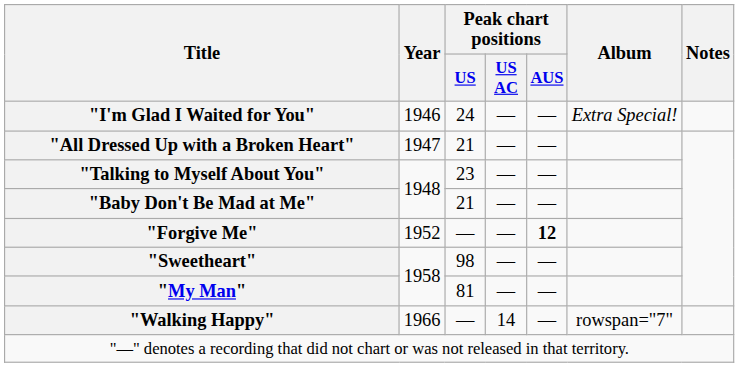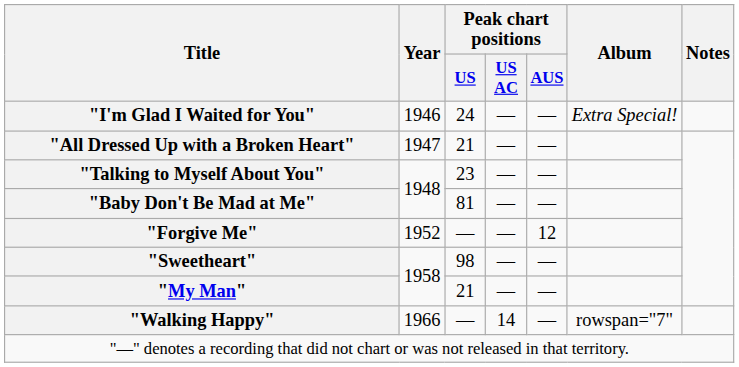 <table class="wikitable plainrowheaders" style="text-align:center;" border="1">
 <tr>
 <th scope="col" rowspan="2" style="width:21em;">Title</th>
 <th scope="col" rowspan="2">Year</th>
 <th scope="col" colspan="3">Peak chart positions</th>
 <th scope="col" rowspan="2">Album</th>
 <th scope="col" rowspan="2">Notes</th>
 </tr>
 <tr>
 <th scope="col" style="width:2em;font-size:90%;"><a href='#'>US</a><br></th>
 <th scope="col" style="width:2em;font-size:90%;"><a href='#'>US AC</a><br></th>
 <th scope="col" style="width:2em;font-size:90%;"><a href='#'>AUS</a><br></th>
 </tr>
 <tr>
 <th scope="row">"I'm Glad I Waited for You"</th>
 <td>1946</td>
 <td>24</td>
 <td>—</td>
 <td>—</td>
 <td><em>Extra Special!</em></td>
 <td></td>
 </tr>
 <tr>
 <th scope="row">"All Dressed Up with a Broken Heart"</th>
 <td>1947</td>
 <td>21</td>
 <td>—</td>
 <td>—</td>
 <td></td>
 </tr>
 <tr>
 <th scope="row">"Talking to Myself About You"</th>
 <td rowspan="2">1948</td>
 <td>23</td>
 <td>—</td>
 <td>—</td>
 <td></td>
 </tr>
 <tr>
 <th scope="row">"Baby Don't Be Mad at Me"</th>
-<td>21</td>
+<td>81</td>
 <td>—</td>
 <td>—</td>
 <td></td>
 </tr>
 <tr>
 <th scope="row">"Forgive Me"</th>
 <td>1952</td>
 <td>—</td>
 <td>—</td>
-<td><strong>12</strong></td>
+<td>12</td>
 <td></td>
 </tr>
 <tr>
 <th scope="row">"Sweetheart"</th>
 <td rowspan="2">1958</td>
 <td>98</td>
 <td>—</td>
 <td>—</td>
 <td></td>
 </tr>
 <tr>
 <th scope="row">"<a href='#'>My Man</a>"</th>
-<td>81</td>
+<td>21</td>
 <td>—</td>
 <td>—</td>
 <td></td>
 </tr>
 <tr>
 <th scope="row">"Walking Happy"</th>
 <td>1966</td>
 <td>—</td>
 <td>14</td>
 <td>—</td>
 <td>rowspan="7" </td>
 <td></td>
 </tr>
 <tr>
 <td colspan="7" style="font-size:90%">"—" denotes a recording that did not chart or was not released in that territory.</td>
 </tr>
 </table>
